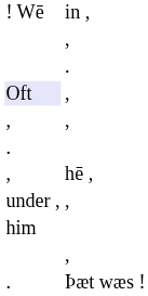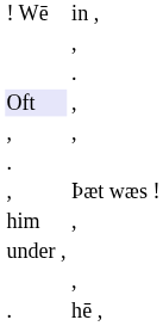 <table class="latinx">
 <tr>
 <td>! Wē </td>
 <td>in ,</td>
 </tr>
 <tr>
 <td></td>
 <td> ,</td>
 </tr>
 <tr>
 <td> </td>
 <td> .</td>
 </tr>
 <tr>
 <td style="background: lavender;">Oft </td>
 <td> ,</td>
 </tr>
 <tr>
 <td> ,</td>
 <td> ,</td>
 </tr>
 <tr>
 <td> .</td>
 <td>  </td>
 </tr>
 <tr>
 <td> ,</td>
-<td>hē  ,</td>
+<td>Þæt wæs  !</td>
+</tr>
+<tr>
+<td> him </td>
+<td> ,</td>
 </tr>
 <tr>
 <td> under ,</td>
-<td> ,</td>
-</tr>
-<tr>
-<td> him </td>
 <td></td>
 </tr>
 <tr>
 <td></td>
 <td>,</td>
 </tr>
 <tr>
 <td> .</td>
-<td>Þæt wæs  !</td>
+<td>hē  ,</td>
 </tr>
 </table>
